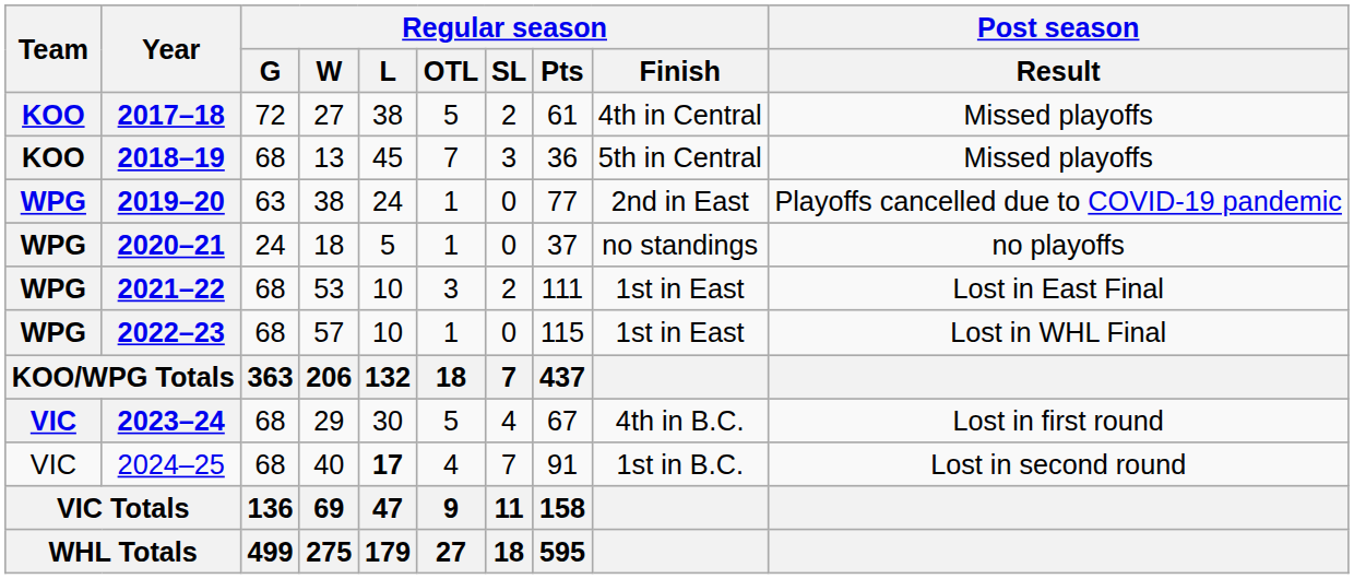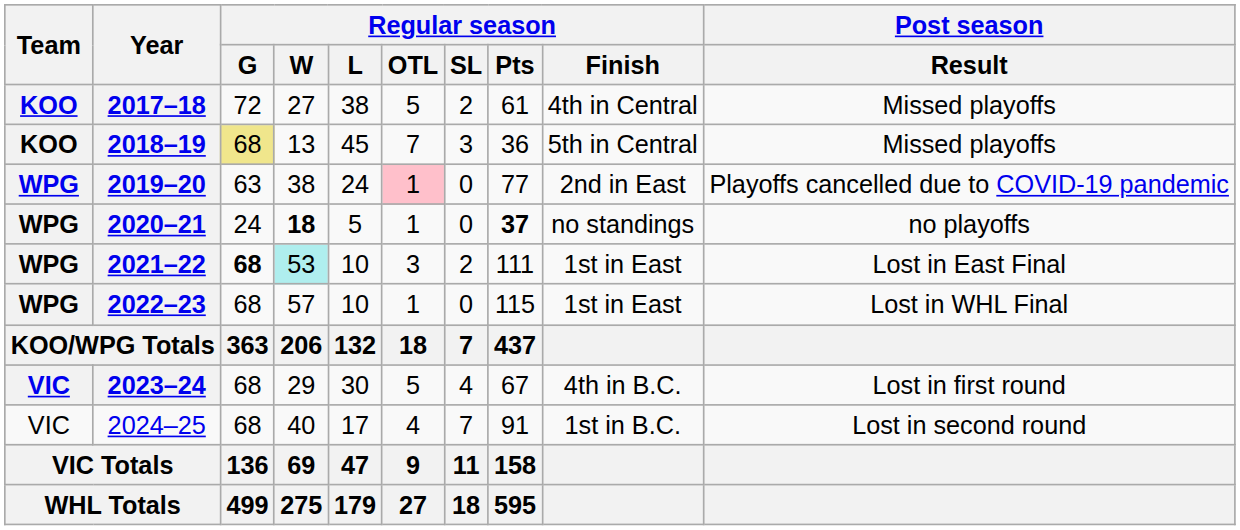 <table class="wikitable" style="font-size: 95%; text-align:center;">
 <tr>
 <th rowspan="2">Team</th>
 <th rowspan="2">Year</th>
 <th colspan="7"><a href='#'>Regular season</a></th>
 <th colspan="1"><a href='#'>Post season</a></th>
 </tr>
 <tr>
 <th>G</th>
 <th>W</th>
 <th>L</th>
 <th>OTL</th>
 <th>SL</th>
 <th>Pts</th>
 <th>Finish</th>
 <th>Result</th>
 </tr>
 <tr>
 <th><a href='#'>KOO</a></th>
 <th><a href='#'>2017–18</a></th>
 <td>72</td>
 <td>27</td>
 <td>38</td>
 <td>5</td>
 <td>2</td>
 <td>61</td>
 <td>4th in Central</td>
 <td>Missed playoffs</td>
 </tr>
 <tr>
 <th>KOO</th>
 <th><a href='#'>2018–19</a></th>
-<td>68</td>
+<td style="background: khaki;">68</td>
 <td>13</td>
 <td>45</td>
 <td>7</td>
 <td>3</td>
 <td>36</td>
 <td>5th in Central</td>
 <td>Missed playoffs</td>
 </tr>
 <tr>
 <th><a href='#'>WPG</a></th>
 <th><a href='#'>2019–20</a></th>
 <td>63</td>
 <td>38</td>
 <td>24</td>
-<td>1</td>
+<td style="background: pink;">1</td>
 <td>0</td>
 <td>77</td>
 <td>2nd in East</td>
 <td>Playoffs cancelled due to <a href='#'>COVID-19 pandemic</a></td>
 </tr>
 <tr>
 <th>WPG</th>
 <th><a href='#'>2020–21</a></th>
 <td>24</td>
-<td>18</td>
+<td><strong>18</strong></td>
 <td>5</td>
 <td>1</td>
 <td>0</td>
-<td>37</td>
+<td><strong>37</strong></td>
 <td>no standings</td>
 <td>no playoffs</td>
 </tr>
 <tr>
 <th>WPG</th>
 <th><a href='#'>2021–22</a></th>
-<td>68</td>
-<td>53</td>
+<td><strong>68</strong></td>
+<td style="background: paleturquoise;">53</td>
 <td>10</td>
 <td>3</td>
 <td>2</td>
 <td>111</td>
 <td>1st in East</td>
 <td>Lost in East Final</td>
 </tr>
 <tr>
 <th>WPG</th>
 <th><a href='#'>2022–23</a></th>
 <td>68</td>
 <td>57</td>
 <td>10</td>
 <td>1</td>
 <td>0</td>
 <td>115</td>
 <td>1st in East</td>
 <td>Lost in WHL Final</td>
 </tr>
 <tr>
 <th colspan="2">KOO/WPG Totals</th>
 <th>363</th>
 <th>206</th>
 <th>132</th>
 <th>18</th>
 <th>7</th>
 <th>437</th>
 <th></th>
 <th></th>
 </tr>
 <tr>
 <th><a href='#'>VIC</a></th>
 <th><a href='#'>2023–24</a></th>
 <td>68</td>
 <td>29</td>
 <td>30</td>
 <td>5</td>
 <td>4</td>
 <td>67</td>
 <td>4th in B.C.</td>
 <td>Lost in first round</td>
 </tr>
 <tr>
 <td>VIC</td>
 <td><a href='#'>2024–25</a></td>
 <td>68</td>
 <td>40</td>
-<td><strong>17</strong></td>
+<td>17</td>
 <td>4</td>
 <td>7</td>
 <td>91</td>
 <td>1st in B.C.</td>
 <td>Lost in second round</td>
 </tr>
 <tr>
 <th colspan="2">VIC Totals</th>
 <th>136</th>
 <th>69</th>
 <th>47</th>
 <th>9</th>
 <th>11</th>
 <th>158</th>
 <th></th>
 <th></th>
 </tr>
 <tr>
 <th colspan="2">WHL Totals</th>
 <th>499</th>
 <th>275</th>
 <th>179</th>
 <th>27</th>
 <th>18</th>
 <th>595</th>
 <th></th>
 <th></th>
 </tr>
 </table>
